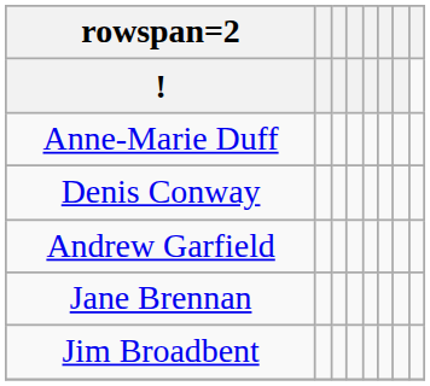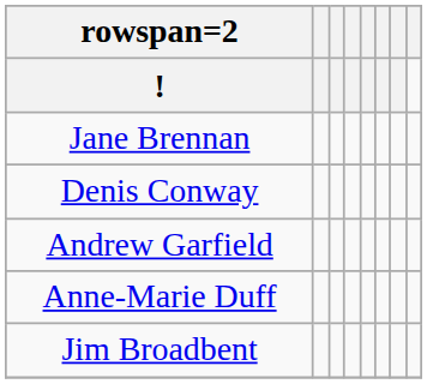 <table class="wikitable" style="text-align:center;font-size:100%;vertical-align:bottom;">
 <tr>
 <th>rowspan=2 </th>
 <th></th>
 <th></th>
 <th></th>
 <th></th>
 <th></th>
 <th></th>
 <th></th>
 </tr>
 <tr>
 <th>! </th>
 <th></th>
 <th></th>
 <th></th>
 <th></th>
 <th></th>
 <th></th>
 </tr>
 <tr>
-<td width="140"><a href='#'>Anne-Marie Duff</a></td>
+<td width="140"><a href='#'>Jane Brennan</a></td>
 <td></td>
 <td></td>
 <td></td>
 <td></td>
 <td></td>
 <td></td>
 <td></td>
 </tr>
 <tr>
 <td width="140"><a href='#'>Denis Conway</a></td>
 <td></td>
 <td></td>
 <td></td>
 <td></td>
 <td></td>
 <td></td>
 <td></td>
 </tr>
 <tr>
 <td width="140"><a href='#'>Andrew Garfield</a></td>
 <td></td>
 <td></td>
 <td></td>
 <td></td>
 <td></td>
 <td></td>
 <td></td>
 </tr>
 <tr>
-<td width="140"><a href='#'>Jane Brennan</a></td>
+<td width="140"><a href='#'>Anne-Marie Duff</a></td>
 <td></td>
 <td></td>
 <td></td>
 <td></td>
 <td></td>
 <td></td>
 <td></td>
 </tr>
 <tr>
 <td width="140"><a href='#'>Jim Broadbent</a></td>
 <td></td>
 <td></td>
 <td></td>
 <td></td>
 <td></td>
 <td></td>
 <td></td>
 </tr>
 <tr>
 </tr>
 </table>
